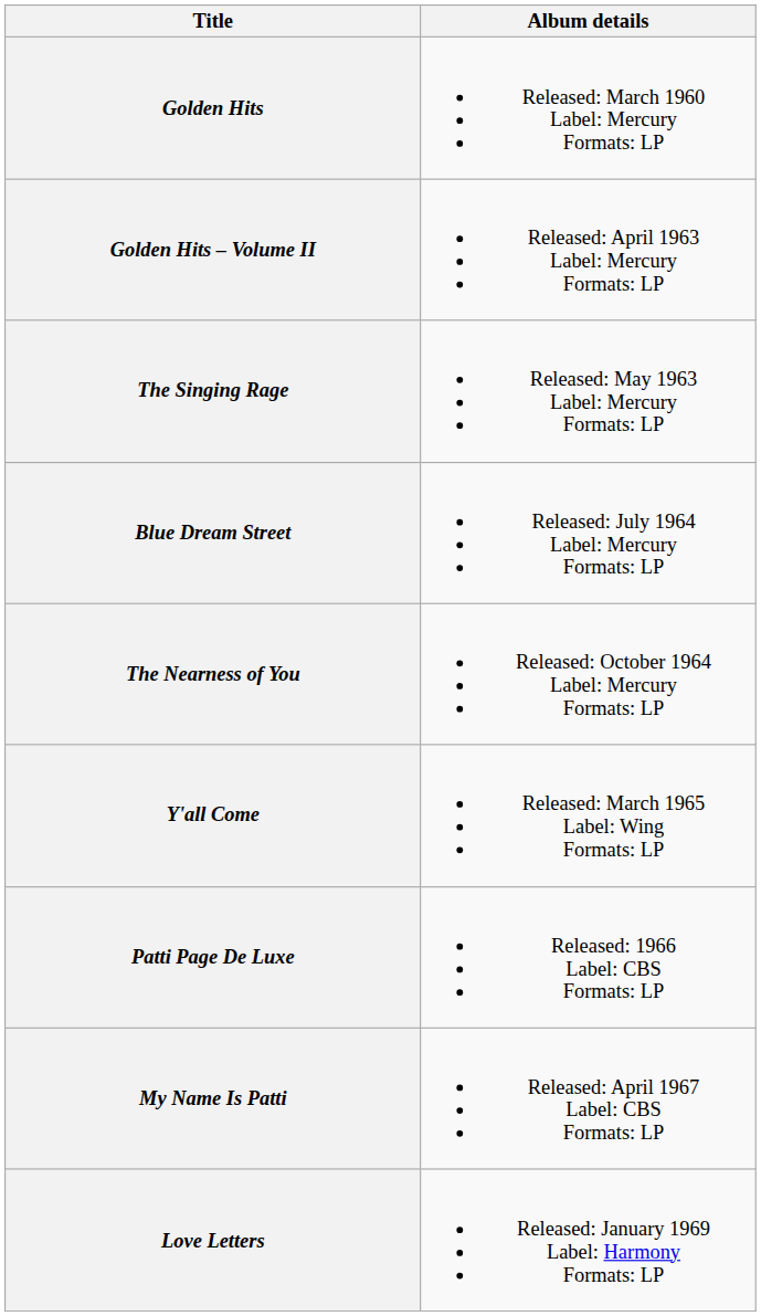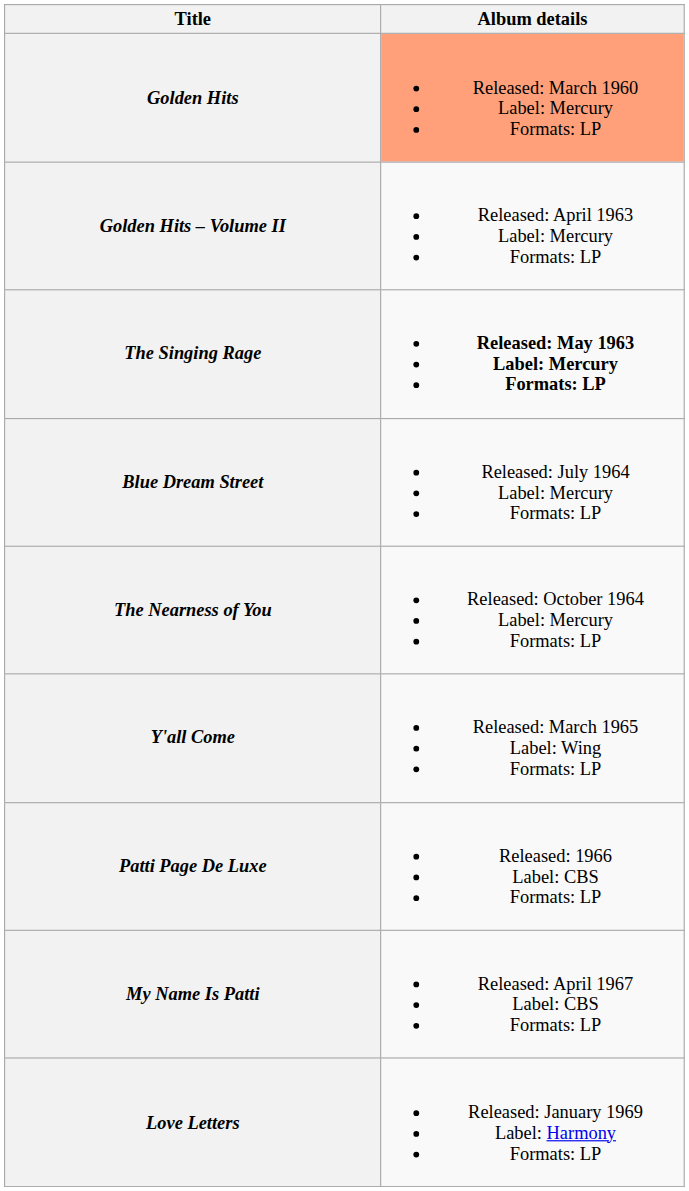 <table class="wikitable plainrowheaders" style="text-align:center;">
 <tr>
 <th scope="col" style="width:20em;">Title</th>
 <th scope="col" style="width:16em;">Album details</th>
 </tr>
 <tr>
 <th scope="row"><em>Golden Hits</em></th>
-<td><br><ul><li>Released: March 1960</li><li>Label: Mercury</li><li>Formats: LP</li></ul></td>
+<td style="background: lightsalmon;"><br><ul><li>Released: March 1960</li><li>Label: Mercury</li><li>Formats: LP</li></ul></td>
 </tr>
 <tr>
 <th scope="row"><em>Golden Hits – Volume II</em></th>
 <td><br><ul><li>Released: April 1963</li><li>Label: Mercury</li><li>Formats: LP</li></ul></td>
 </tr>
 <tr>
 <th scope="row"><em>The Singing Rage</em></th>
-<td><br><ul><li>Released: May 1963</li><li>Label: Mercury</li><li>Formats: LP</li></ul></td>
+<td><strong><br><ul><li>Released: May 1963</li><li>Label: Mercury</li><li>Formats: LP</li></ul></strong></td>
 </tr>
 <tr>
 <th scope="row"><em>Blue Dream Street</em></th>
 <td><br><ul><li>Released: July 1964</li><li>Label: Mercury</li><li>Formats: LP</li></ul></td>
 </tr>
 <tr>
 <th scope="row"><em>The Nearness of You</em></th>
 <td><br><ul><li>Released: October 1964</li><li>Label: Mercury</li><li>Formats: LP</li></ul></td>
 </tr>
 <tr>
 <th scope="row"><em>Y'all Come</em></th>
 <td><br><ul><li>Released: March 1965</li><li>Label: Wing</li><li>Formats: LP</li></ul></td>
 </tr>
 <tr>
 <th scope="row"><em>Patti Page De Luxe</em></th>
 <td><br><ul><li>Released: 1966</li><li>Label: CBS</li><li>Formats: LP</li></ul></td>
 </tr>
 <tr>
 <th scope="row"><em>My Name Is Patti</em></th>
 <td><br><ul><li>Released: April 1967</li><li>Label: CBS</li><li>Formats: LP</li></ul></td>
 </tr>
 <tr>
 <th scope="row"><em>Love Letters</em></th>
 <td><br><ul><li>Released: January 1969</li><li>Label: <a href='#'>Harmony</a></li><li>Formats: LP</li></ul></td>
 </tr>
 <tr>
 </tr>
 </table>
